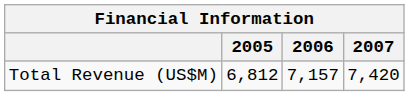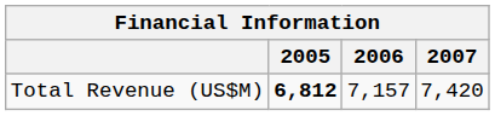 <table class="wikitable">
 <tr>
 <th COLSPAN="4">Financial Information</th>
 </tr>
 <tr>
 <th> </th>
 <th>2005</th>
 <th>2006</th>
 <th>2007</th>
 </tr>
 <tr>
 <td>Total Revenue (US$M)</td>
-<td>6,812</td>
+<td><strong>6,812</strong></td>
 <td>7,157</td>
 <td>7,420</td>
 </tr>
 </table>
